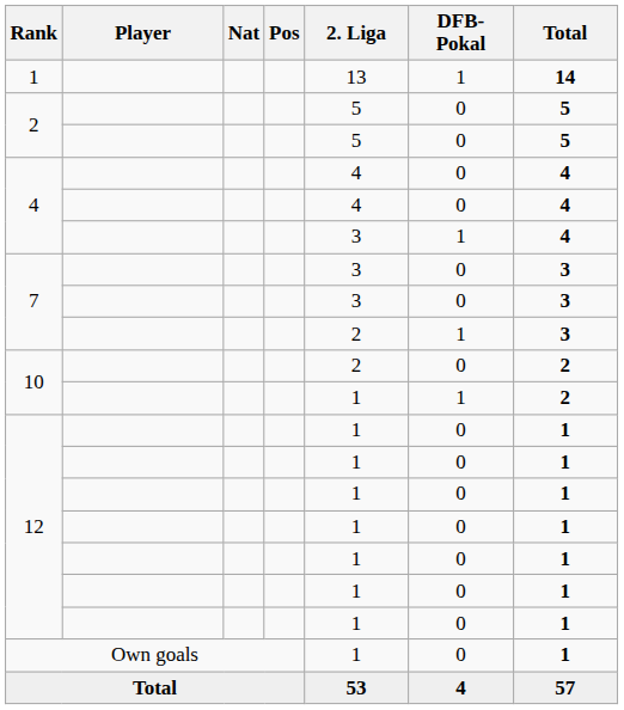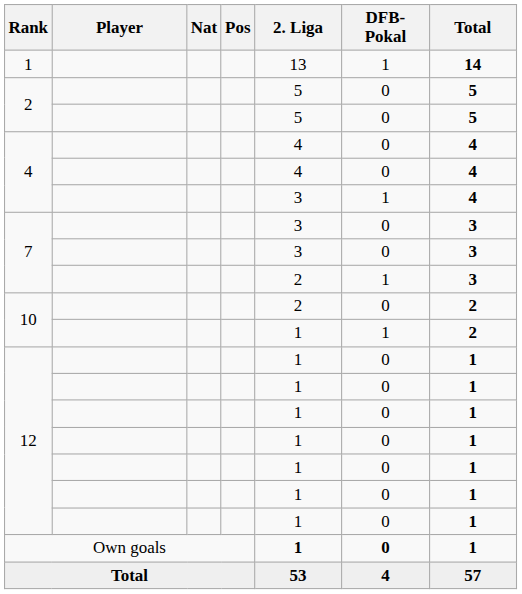 <table class="wikitable sortable nowrap" style="text-align:center;">
 <tr>
 <th>Rank</th>
 <th width=120>Player</th>
 <th>Nat</th>
 <th>Pos</th>
 <th width=75>2. Liga</th>
 <th width=75>DFB-Pokal</th>
 <th width=75>Total</th>
 </tr>
 <tr>
 <td>1</td>
 <td align="left"></td>
 <td></td>
 <td></td>
 <td>13</td>
 <td>1</td>
 <td><strong>14</strong></td>
 </tr>
 <tr>
 <td rowspan="2">2</td>
 <td align="left"></td>
 <td></td>
 <td></td>
 <td>5</td>
 <td>0</td>
 <td><strong>5</strong></td>
 </tr>
 <tr>
 <td align="left"></td>
 <td></td>
 <td></td>
 <td>5</td>
 <td>0</td>
 <td><strong>5</strong></td>
 </tr>
 <tr>
 <td rowspan="3">4</td>
 <td align="left"></td>
 <td></td>
 <td></td>
 <td>4</td>
 <td>0</td>
 <td><strong>4</strong></td>
 </tr>
 <tr>
 <td align="left"></td>
 <td></td>
 <td></td>
 <td>4</td>
 <td>0</td>
 <td><strong>4</strong></td>
 </tr>
 <tr>
 <td align="left"></td>
 <td></td>
 <td></td>
 <td>3</td>
 <td>1</td>
 <td><strong>4</strong></td>
 </tr>
 <tr>
 <td rowspan="3">7</td>
 <td align="left"></td>
 <td></td>
 <td></td>
 <td>3</td>
 <td>0</td>
 <td><strong>3</strong></td>
 </tr>
 <tr>
 <td align="left"></td>
 <td></td>
 <td></td>
 <td>3</td>
 <td>0</td>
 <td><strong>3</strong></td>
 </tr>
 <tr>
 <td align="left"></td>
 <td></td>
 <td></td>
 <td>2</td>
 <td>1</td>
 <td><strong>3</strong></td>
 </tr>
 <tr>
 <td rowspan="2">10</td>
 <td align="left"></td>
 <td></td>
 <td></td>
 <td>2</td>
 <td>0</td>
 <td><strong>2</strong></td>
 </tr>
 <tr>
 <td align="left"></td>
 <td></td>
 <td></td>
 <td>1</td>
 <td>1</td>
 <td><strong>2</strong></td>
 </tr>
 <tr>
 <td rowspan="7">12</td>
 <td align="left"></td>
 <td></td>
 <td></td>
 <td>1</td>
 <td>0</td>
 <td><strong>1</strong></td>
 </tr>
 <tr>
 <td align="left"></td>
 <td></td>
 <td></td>
 <td>1</td>
 <td>0</td>
 <td><strong>1</strong></td>
 </tr>
 <tr>
 <td align="left"></td>
 <td></td>
 <td></td>
 <td>1</td>
 <td>0</td>
 <td><strong>1</strong></td>
 </tr>
 <tr>
 <td align="left"></td>
 <td></td>
 <td></td>
 <td>1</td>
 <td>0</td>
 <td><strong>1</strong></td>
 </tr>
 <tr>
 <td align="left"></td>
 <td></td>
 <td></td>
 <td>1</td>
 <td>0</td>
 <td><strong>1</strong></td>
 </tr>
 <tr>
 <td align="left"></td>
 <td></td>
 <td></td>
 <td>1</td>
 <td>0</td>
 <td><strong>1</strong></td>
 </tr>
 <tr>
 <td align="left"></td>
 <td></td>
 <td></td>
 <td>1</td>
 <td>0</td>
 <td><strong>1</strong></td>
 </tr>
 <tr class="sortbottom">
 <td colspan="4">Own goals</td>
-<td>1</td>
-<td>0</td>
+<td><strong>1</strong></td>
+<td><strong>0</strong></td>
 <td><strong>1</strong></td>
 </tr>
 <tr style=font-weight:bold;background:#efefef>
 <td colspan="4">Total</td>
 <td>53</td>
 <td>4</td>
 <td>57</td>
 </tr>
 </table>
